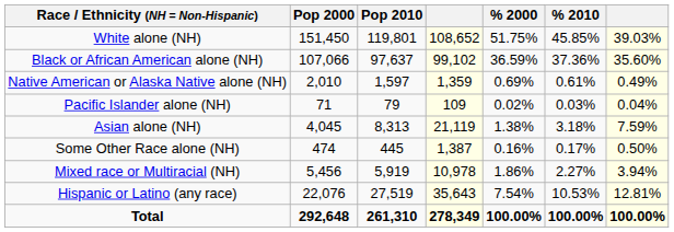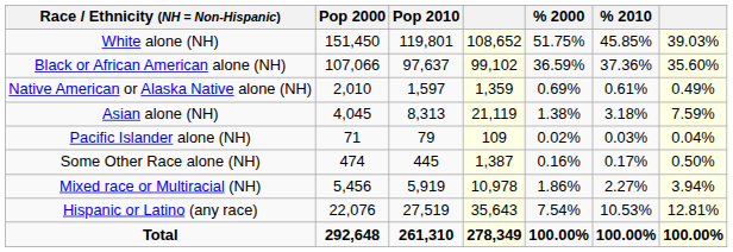 <table class="wikitable" style="text-align:center;">
 <tr>
 <th>Race / Ethnicity <small>(<em>NH = Non-Hispanic</em>)</small></th>
 <th>Pop 2000</th>
 <th>Pop 2010</th>
 <th></th>
 <th>% 2000</th>
 <th>% 2010</th>
 <th></th>
 </tr>
 <tr>
 <td><a href='#'>White</a> alone (NH)</td>
 <td>151,450</td>
 <td>119,801</td>
 <td style='background: #ffffe6;'>108,652</td>
 <td>51.75%</td>
 <td>45.85%</td>
 <td style='background: #ffffe6;'>39.03%</td>
 </tr>
 <tr>
 <td><a href='#'>Black or African American</a> alone (NH)</td>
 <td>107,066</td>
 <td>97,637</td>
 <td style='background: #ffffe6;'>99,102</td>
 <td>36.59%</td>
 <td>37.36%</td>
 <td style='background: #ffffe6;'>35.60%</td>
 </tr>
 <tr>
 <td><a href='#'>Native American</a> or <a href='#'>Alaska Native</a> alone (NH)</td>
 <td>2,010</td>
 <td>1,597</td>
 <td style='background: #ffffe6;'>1,359</td>
 <td>0.69%</td>
 <td>0.61%</td>
 <td style='background: #ffffe6;'>0.49%</td>
 </tr>
 <tr>
+<td><a href='#'>Asian</a> alone (NH)</td>
+<td>4,045</td>
+<td>8,313</td>
+<td style='background: #ffffe6;'>21,119</td>
+<td>1.38%</td>
+<td>3.18%</td>
+<td style='background: #ffffe6;'>7.59%</td>
+</tr>
+<tr>
 <td><a href='#'>Pacific Islander</a> alone (NH)</td>
 <td>71</td>
 <td>79</td>
 <td style='background: #ffffe6;'>109</td>
 <td>0.02%</td>
 <td>0.03%</td>
 <td style='background: #ffffe6;'>0.04%</td>
-</tr>
-<tr>
-<td><a href='#'>Asian</a> alone (NH)</td>
-<td>4,045</td>
-<td>8,313</td>
-<td style='background: #ffffe6;'>21,119</td>
-<td>1.38%</td>
-<td>3.18%</td>
-<td style='background: #ffffe6;'>7.59%</td>
 </tr>
 <tr>
 <td>Some Other Race alone (NH)</td>
 <td>474</td>
 <td>445</td>
 <td style='background: #ffffe6;'>1,387</td>
 <td>0.16%</td>
 <td>0.17%</td>
 <td style='background: #ffffe6;'>0.50%</td>
 </tr>
 <tr>
 <td><a href='#'>Mixed race or Multiracial</a> (NH)</td>
 <td>5,456</td>
 <td>5,919</td>
 <td style='background: #ffffe6;'>10,978</td>
 <td>1.86%</td>
 <td>2.27%</td>
 <td style='background: #ffffe6;'>3.94%</td>
 </tr>
 <tr>
 <td><a href='#'>Hispanic or Latino</a> (any race)</td>
 <td>22,076</td>
 <td>27,519</td>
 <td style='background: #ffffe6;'>35,643</td>
 <td>7.54%</td>
 <td>10.53%</td>
 <td style='background: #ffffe6;'>12.81%</td>
 </tr>
 <tr>
 <td><strong>Total</strong></td>
 <td><strong>292,648</strong></td>
 <td><strong>261,310</strong></td>
 <td style='background: #ffffe6;'><strong>278,349</strong></td>
 <td><strong>100.00%</strong></td>
 <td><strong>100.00%</strong></td>
 <td style='background: #ffffe6;'><strong>100.00%</strong></td>
 </tr>
 </table>
